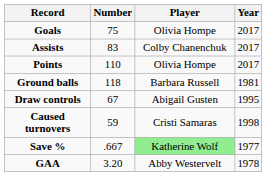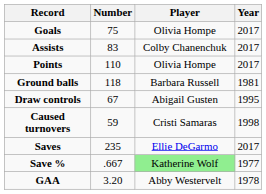 <table class="wikitable">
 <tr>
 <th style="width:120px; ">Record</th>
 <th style="width:35px; ">Number</th>
 <th style="width:140px; ">Player</th>
 <th style="width:30px; ">Year</th>
 </tr>
 <tr style="text-align:center;">
 <td><strong>Goals</strong></td>
 <td>75</td>
 <td>Olivia Hompe</td>
 <td>2017</td>
 </tr>
 <tr style="text-align:center;">
 <td><strong>Assists</strong></td>
 <td>83</td>
 <td>Colby Chanenchuk</td>
 <td>2017</td>
 </tr>
 <tr style="text-align:center;">
 <td><strong>Points</strong></td>
 <td>110</td>
 <td>Olivia Hompe</td>
 <td>2017</td>
 </tr>
 <tr style="text-align:center;">
 <td><strong>Ground balls</strong></td>
 <td>118</td>
 <td>Barbara Russell</td>
 <td>1981</td>
 </tr>
 <tr style="text-align:center;">
 <td><strong>Draw controls</strong></td>
 <td>67</td>
 <td>Abigail Gusten</td>
 <td>1995</td>
 </tr>
 <tr style="text-align:center;">
 <td><strong>Caused turnovers</strong></td>
 <td>59</td>
 <td>Cristi Samaras</td>
 <td>1998</td>
 </tr>
 <tr style="text-align:center;">
+<td><strong>Saves</strong></td>
+<td>235</td>
+<td><a href='#'>Ellie DeGarmo</a></td>
+<td>2017</td>
+</tr>
+<tr style="text-align:center;">
 <td><strong>Save %</strong></td>
 <td>.667</td>
 <td style="background: lightgreen;">Katherine Wolf</td>
 <td>1977</td>
 </tr>
 <tr style="text-align:center;">
 <td><strong>GAA</strong></td>
 <td>3.20</td>
 <td>Abby Westervelt</td>
 <td>1978</td>
 </tr>
 </table>
